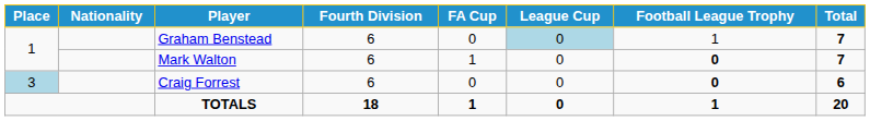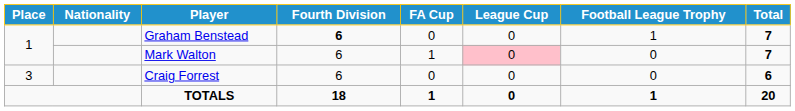 <table class="wikitable" style="text-align:center; font-size:90%; width:100%;">
 <tr>
 <th style="background:#2191CC; color:white; border:1px solid #F7C408; text-align:center;">Place</th>
 <th style="background:#2191CC; color:white; border:1px solid #F7C408; text-align:center;">Nationality</th>
 <th style="background:#2191CC; color:white; border:1px solid #F7C408; text-align:center;">Player</th>
 <th style="background:#2191CC; color:white; border:1px solid #F7C408; text-align:center;">Fourth Division</th>
 <th style="background:#2191CC; color:white; border:1px solid #F7C408; text-align:center;">FA Cup</th>
 <th style="background:#2191CC; color:white; border:1px solid #F7C408; text-align:center;">League Cup</th>
 <th style="background:#2191CC; color:white; border:1px solid #F7C408; text-align:center;">Football League Trophy</th>
 <th style="background:#2191CC; color:white; border:1px solid #F7C408; text-align:center;">Total</th>
 </tr>
 <tr>
 <td rowspan=2>1</td>
 <td></td>
 <td align="left"><a href='#'>Graham Benstead</a></td>
-<td>6</td>
+<td><strong>6</strong></td>
 <td>0</td>
-<td style="background: lightblue;">0</td>
+<td>0</td>
 <td>1</td>
 <td><strong>7</strong></td>
 </tr>
 <tr>
 <td></td>
 <td align="left"><a href='#'>Mark Walton</a></td>
 <td>6</td>
 <td>1</td>
+<td style="background: pink;">0</td>
 <td>0</td>
-<td><strong>0</strong></td>
 <td><strong>7</strong></td>
 </tr>
 <tr>
-<td style="background: lightblue;">3</td>
+<td>3</td>
 <td></td>
 <td align="left"><a href='#'>Craig Forrest</a></td>
 <td>6</td>
 <td>0</td>
 <td>0</td>
-<td><strong>0</strong></td>
+<td>0</td>
 <td><strong>6</strong></td>
 </tr>
 <tr>
 <td colspan="2"></td>
 <td><strong>TOTALS</strong></td>
 <td><strong>18</strong></td>
 <td><strong>1</strong></td>
 <td><strong>0</strong></td>
 <td><strong>1</strong></td>
 <td><strong>20</strong></td>
 </tr>
 </table>
